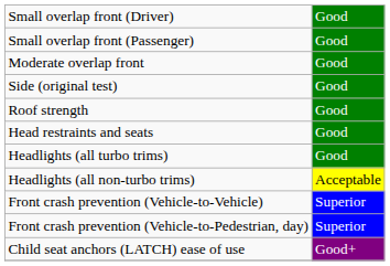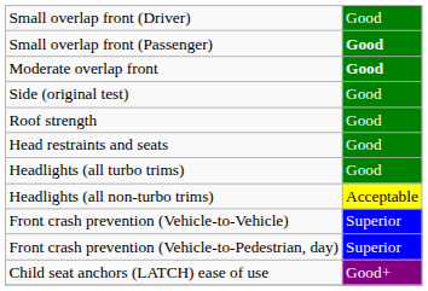 <table class="wikitable">
 <tr>
 <td>Small overlap front (Driver)</td>
 <td style="color:white;background: green">Good</td>
 </tr>
 <tr>
 <td>Small overlap front (Passenger)</td>
-<td style="color:white;background: green">Good</td>
+<td style="color:white;background: green"><strong>Good</strong></td>
 </tr>
 <tr>
 <td>Moderate overlap front</td>
-<td style="color:white;background: green">Good</td>
+<td style="color:white;background: green"><strong>Good</strong></td>
 </tr>
 <tr>
 <td>Side (original test)</td>
 <td style="color:white;background: green">Good</td>
 </tr>
 <tr>
 <td>Roof strength</td>
 <td style="color:white;background: green">Good</td>
 </tr>
 <tr>
 <td>Head restraints and seats</td>
 <td style="color:white;background: green">Good</td>
 </tr>
 <tr>
 <td>Headlights (all turbo trims)</td>
 <td style="color:white;background: green">Good</td>
 </tr>
 <tr>
 <td>Headlights (all non-turbo trims)</td>
 <td style="color:black;background: yellow">Acceptable</td>
 </tr>
 <tr>
 <td>Front crash prevention (Vehicle-to-Vehicle)</td>
 <td style="color:white;background: blue">Superior</td>
 </tr>
 <tr>
 <td>Front crash prevention (Vehicle-to-Pedestrian, day)</td>
 <td style="color:white;background: blue">Superior</td>
 </tr>
 <tr>
 <td>Child seat anchors (LATCH) ease of use</td>
 <td style="color:white;background: purple">Good+</td>
 </tr>
 <tr>
 </tr>
 </table>
